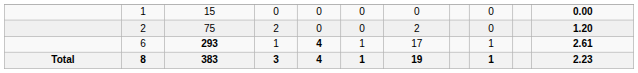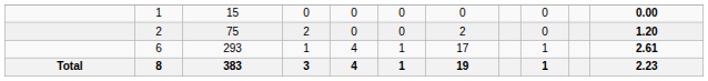 <table class="wikitable sortable" width ="1000">
 <tr align="center">
 </tr>
 <tr align="center" bgcolor="">
 <td></td>
 <td>1</td>
 <td>15</td>
 <td>0</td>
 <td>0</td>
 <td>0</td>
 <td>0</td>
 <td></td>
 <td>0</td>
 <td></td>
 <td><strong>0.00</strong></td>
 </tr>
 <tr align="center" bgcolor="f0f0f0">
 <td></td>
 <td>2</td>
 <td>75</td>
 <td>2</td>
 <td>0</td>
 <td>0</td>
 <td>2</td>
 <td></td>
 <td>0</td>
 <td></td>
 <td><strong>1.20</strong></td>
 </tr>
 <tr align="center" bgcolor="">
 <td></td>
 <td>6</td>
-<td><strong>293</strong></td>
+<td>293</td>
 <td>1</td>
-<td><strong>4</strong></td>
+<td>4</td>
 <td>1</td>
 <td>17</td>
 <td></td>
 <td>1</td>
 <td></td>
 <td><strong>2.61</strong></td>
 </tr>
 <tr>
 <th>Total</th>
 <th>8</th>
 <th>383</th>
 <th>3</th>
 <th>4</th>
 <th>1</th>
 <th>19</th>
 <th></th>
 <th>1</th>
 <th></th>
 <th>2.23</th>
 </tr>
 </table>
